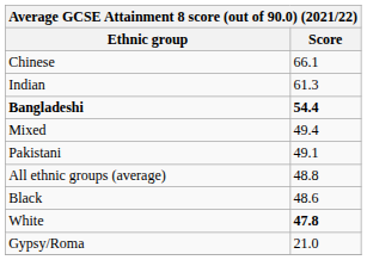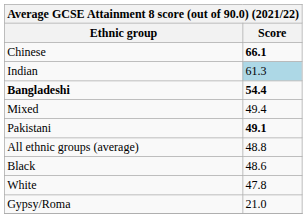 <table class="wikitable sortable">
 <tr>
 <th colspan="3">Average GCSE Attainment 8 score (out of 90.0) (2021/22)</th>
 </tr>
 <tr>
 <th>Ethnic group</th>
 <th>Score</th>
 </tr>
 <tr>
 <td>Chinese</td>
-<td>66.1</td>
+<td><strong>66.1</strong></td>
 </tr>
 <tr>
 <td>Indian</td>
-<td>61.3</td>
+<td style="background: lightblue;">61.3</td>
 </tr>
 <tr>
 <td><strong>Bangladeshi</strong></td>
 <td><strong>54.4</strong></td>
 </tr>
 <tr>
 <td>Mixed</td>
 <td>49.4</td>
 </tr>
 <tr>
 <td>Pakistani</td>
-<td>49.1</td>
+<td><strong>49.1</strong></td>
 </tr>
 <tr>
 <td>All ethnic groups (average)</td>
 <td>48.8</td>
 </tr>
 <tr>
 <td>Black</td>
 <td>48.6</td>
 </tr>
 <tr>
 <td>White</td>
-<td><strong>47.8</strong></td>
+<td>47.8</td>
 </tr>
 <tr>
 <td>Gypsy/Roma</td>
 <td>21.0</td>
 </tr>
 <tr>
 </tr>
 </table>
